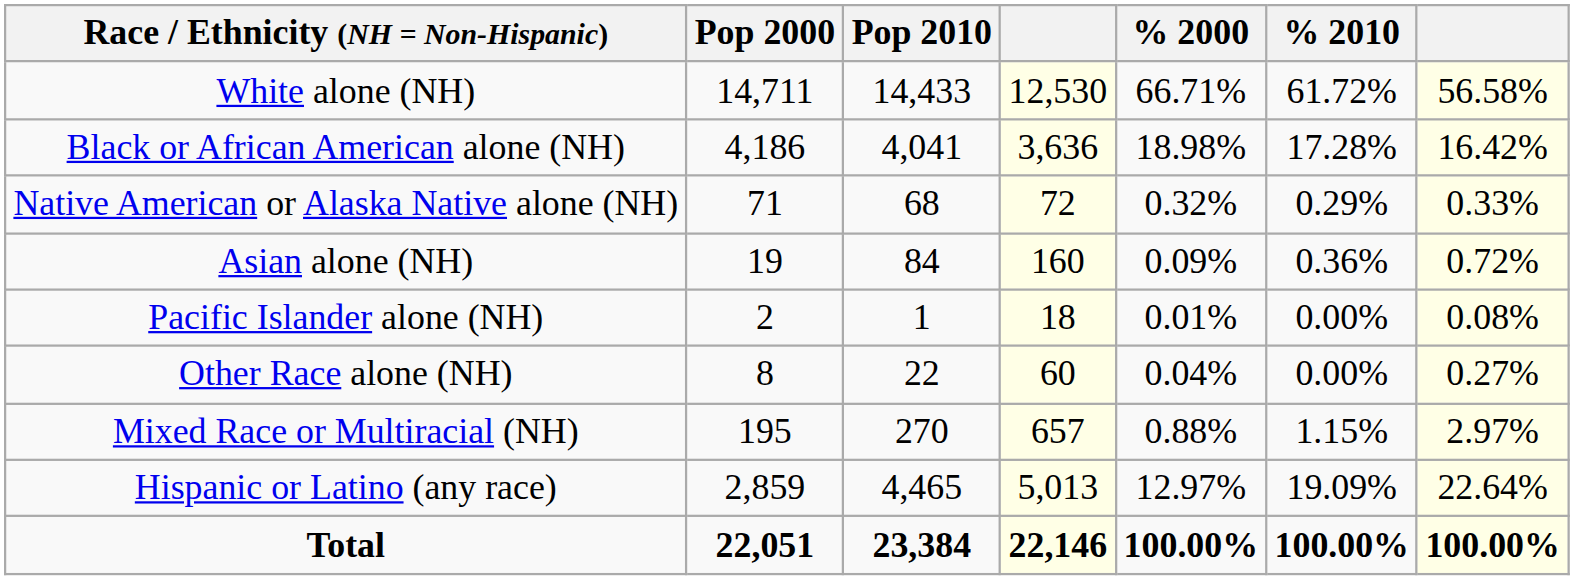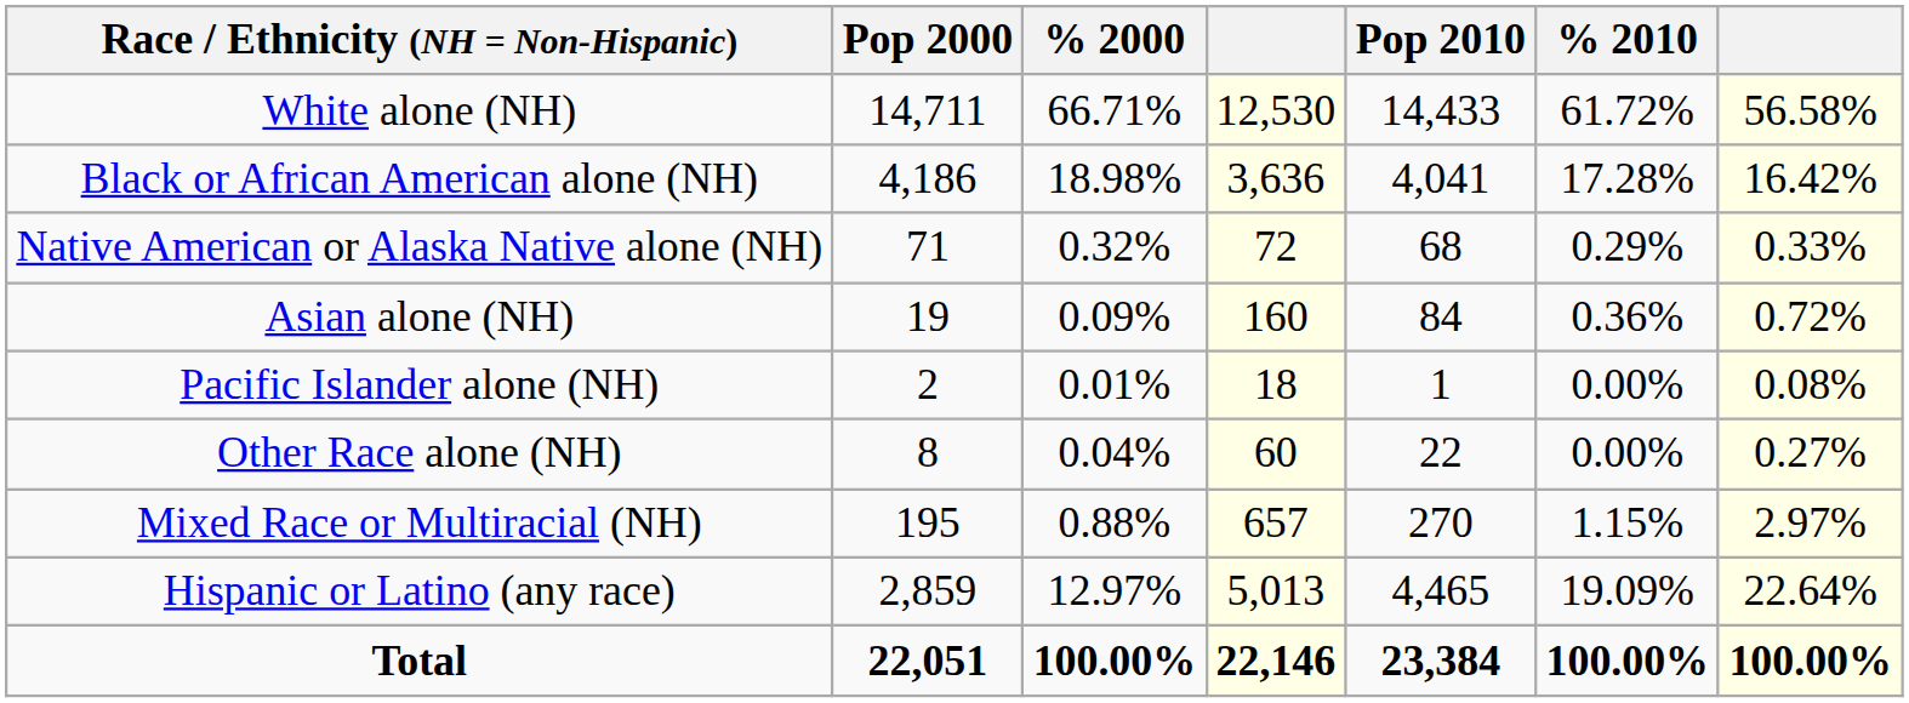 <table class="wikitable" style="text-align:center;">
 <tr>
 <th>Race / Ethnicity <small>(<em>NH = Non-Hispanic</em>)</small></th>
 <th>Pop 2000</th>
+<th>% 2000</th>
+<th></th>
 <th>Pop 2010</th>
-<th></th>
-<th>% 2000</th>
 <th>% 2010</th>
 <th></th>
 </tr>
 <tr>
 <td><a href='#'>White</a> alone (NH)</td>
 <td>14,711</td>
+<td>66.71%</td>
+<td style='background: #ffffe6;'>12,530</td>
 <td>14,433</td>
-<td style='background: #ffffe6;'>12,530</td>
-<td>66.71%</td>
 <td>61.72%</td>
 <td style='background: #ffffe6;'>56.58%</td>
 </tr>
 <tr>
 <td><a href='#'>Black or African American</a> alone (NH)</td>
 <td>4,186</td>
+<td>18.98%</td>
+<td style='background: #ffffe6;'>3,636</td>
 <td>4,041</td>
-<td style='background: #ffffe6;'>3,636</td>
-<td>18.98%</td>
 <td>17.28%</td>
 <td style='background: #ffffe6;'>16.42%</td>
 </tr>
 <tr>
 <td><a href='#'>Native American</a> or <a href='#'>Alaska Native</a> alone (NH)</td>
 <td>71</td>
+<td>0.32%</td>
+<td style='background: #ffffe6;'>72</td>
 <td>68</td>
-<td style='background: #ffffe6;'>72</td>
-<td>0.32%</td>
 <td>0.29%</td>
 <td style='background: #ffffe6;'>0.33%</td>
 </tr>
 <tr>
 <td><a href='#'>Asian</a> alone (NH)</td>
 <td>19</td>
+<td>0.09%</td>
+<td style='background: #ffffe6;'>160</td>
 <td>84</td>
-<td style='background: #ffffe6;'>160</td>
-<td>0.09%</td>
 <td>0.36%</td>
 <td style='background: #ffffe6;'>0.72%</td>
 </tr>
 <tr>
 <td><a href='#'>Pacific Islander</a> alone (NH)</td>
 <td>2</td>
+<td>0.01%</td>
+<td style='background: #ffffe6;'>18</td>
 <td>1</td>
-<td style='background: #ffffe6;'>18</td>
-<td>0.01%</td>
 <td>0.00%</td>
 <td style='background: #ffffe6;'>0.08%</td>
 </tr>
 <tr>
 <td><a href='#'>Other Race</a> alone (NH)</td>
 <td>8</td>
+<td>0.04%</td>
+<td style='background: #ffffe6;'>60</td>
 <td>22</td>
-<td style='background: #ffffe6;'>60</td>
-<td>0.04%</td>
 <td>0.00%</td>
 <td style='background: #ffffe6;'>0.27%</td>
 </tr>
 <tr>
 <td><a href='#'>Mixed Race or Multiracial</a> (NH)</td>
 <td>195</td>
+<td>0.88%</td>
+<td style='background: #ffffe6;'>657</td>
 <td>270</td>
-<td style='background: #ffffe6;'>657</td>
-<td>0.88%</td>
 <td>1.15%</td>
 <td style='background: #ffffe6;'>2.97%</td>
 </tr>
 <tr>
 <td><a href='#'>Hispanic or Latino</a> (any race)</td>
 <td>2,859</td>
+<td>12.97%</td>
+<td style='background: #ffffe6;'>5,013</td>
 <td>4,465</td>
-<td style='background: #ffffe6;'>5,013</td>
-<td>12.97%</td>
 <td>19.09%</td>
 <td style='background: #ffffe6;'>22.64%</td>
 </tr>
 <tr>
 <td><strong>Total</strong></td>
 <td><strong>22,051</strong></td>
+<td><strong>100.00%</strong></td>
+<td style='background: #ffffe6;'><strong>22,146</strong></td>
 <td><strong>23,384</strong></td>
-<td style='background: #ffffe6;'><strong>22,146</strong></td>
-<td><strong>100.00%</strong></td>
 <td><strong>100.00%</strong></td>
 <td style='background: #ffffe6;'><strong>100.00%</strong></td>
 </tr>
 </table>
